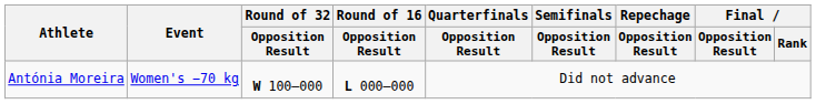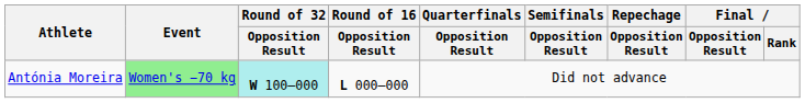 <table class="wikitable" style="font-size:90%;">
 <tr>
 <th rowspan=2>Athlete</th>
 <th rowspan=2>Event</th>
 <th>Round of 32</th>
 <th>Round of 16</th>
 <th>Quarterfinals</th>
 <th>Semifinals</th>
 <th>Repechage</th>
 <th colspan=2>Final / </th>
 </tr>
 <tr style="font-size:95%">
 <th>Opposition<br>Result</th>
 <th>Opposition<br>Result</th>
 <th>Opposition<br>Result</th>
 <th>Opposition<br>Result</th>
 <th>Opposition<br>Result</th>
 <th>Opposition<br>Result</th>
 <th>Rank</th>
 </tr>
 <tr align=center>
 <td align=left><a href='#'>Antónia Moreira</a></td>
-<td align=left><a href='#'>Women's −70 kg</a></td>
-<td><br><strong>W</strong> 100–000</td>
+<td align=left style="background: lightgreen;"><a href='#'>Women's −70 kg</a></td>
+<td style="background: paleturquoise;"><br><strong>W</strong> 100–000</td>
 <td><br><strong>L</strong> 000–000 </td>
 <td colspan=5>Did not advance</td>
 </tr>
 </table>
